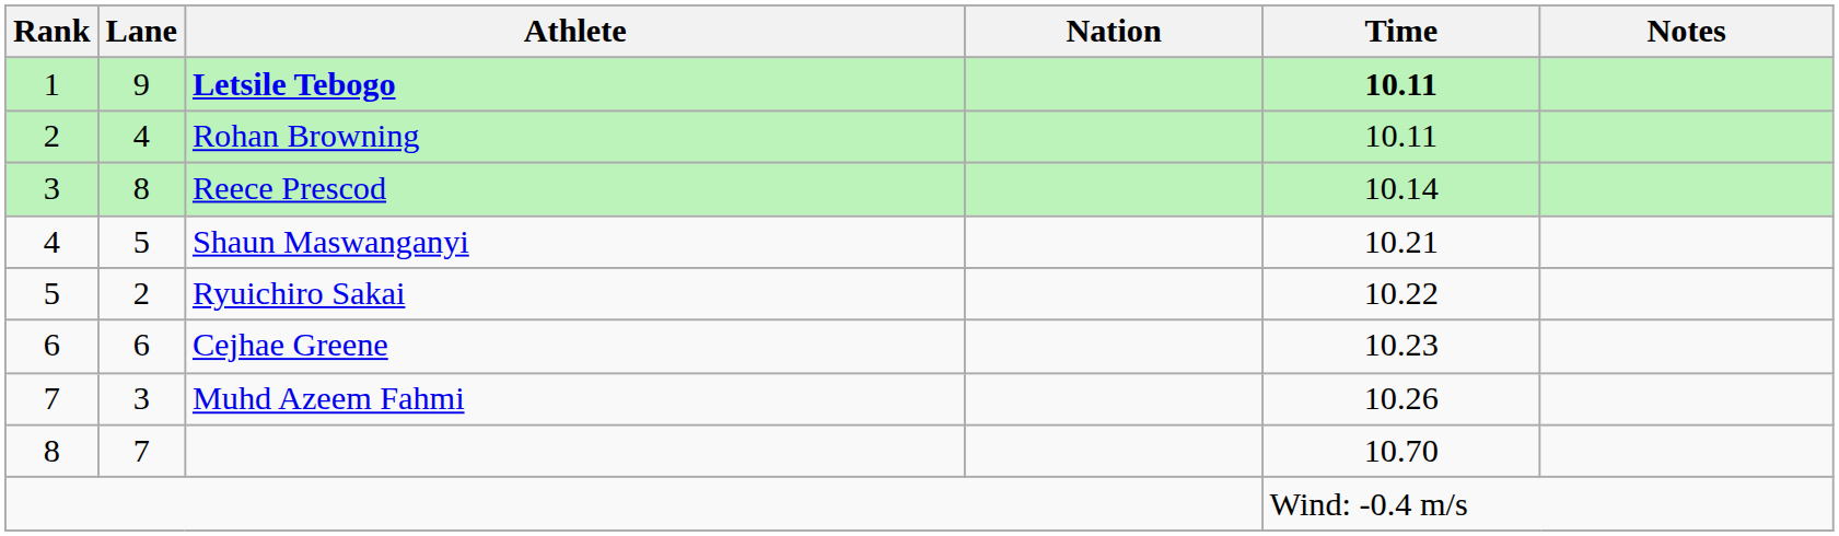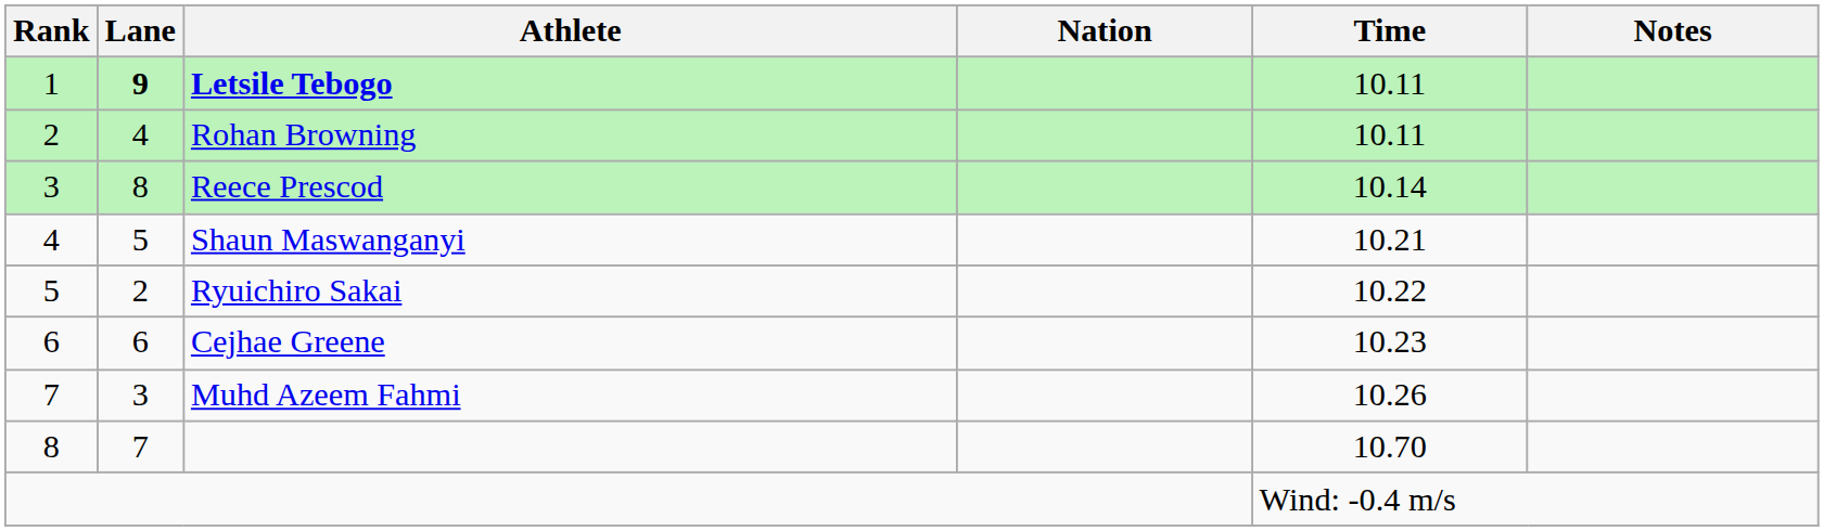 <table class="wikitable sortable" style="text-align:center;width: 70%;">
 <tr>
 <th scope="col" style="width: 10px;">Rank</th>
 <th scope="col" style="width: 10px;">Lane</th>
 <th scope="col">Athlete</th>
 <th scope="col">Nation</th>
 <th scope="col">Time</th>
 <th scope="col">Notes</th>
 </tr>
 <tr bgcolor=bbf3bb>
 <td>1</td>
-<td>9</td>
+<td><strong>9</strong></td>
 <td align=left><strong><a href='#'>Letsile Tebogo</a></strong></td>
 <td align=left></td>
-<td><strong>10.11 </strong></td>
+<td>10.11 </td>
 <td></td>
 </tr>
 <tr bgcolor=bbf3bb>
 <td>2</td>
 <td>4</td>
 <td align=left><a href='#'>Rohan Browning</a></td>
 <td align=left></td>
 <td>10.11 </td>
 <td></td>
 </tr>
 <tr bgcolor=bbf3bb>
 <td>3</td>
 <td>8</td>
 <td align=left><a href='#'>Reece Prescod</a></td>
 <td align=left></td>
 <td>10.14</td>
 <td></td>
 </tr>
 <tr>
 <td>4</td>
 <td>5</td>
 <td align=left><a href='#'>Shaun Maswanganyi</a></td>
 <td align=left></td>
 <td>10.21</td>
 <td></td>
 </tr>
 <tr>
 <td>5</td>
 <td>2</td>
 <td align=left><a href='#'>Ryuichiro Sakai</a></td>
 <td align=left></td>
 <td>10.22</td>
 <td></td>
 </tr>
 <tr>
 <td>6</td>
 <td>6</td>
 <td align=left><a href='#'>Cejhae Greene</a></td>
 <td align=left></td>
 <td>10.23</td>
 <td></td>
 </tr>
 <tr>
 <td>7</td>
 <td>3</td>
 <td align=left><a href='#'>Muhd Azeem Fahmi</a></td>
 <td align=left></td>
 <td>10.26</td>
 <td></td>
 </tr>
 <tr>
 <td>8</td>
 <td>7</td>
 <td align=left></td>
 <td align=left></td>
 <td>10.70</td>
 <td></td>
 </tr>
 <tr class="sortbottom">
 <td colspan="4"></td>
 <td colspan="2" style="text-align:left;">Wind: -0.4 m/s</td>
 </tr>
 </table>
